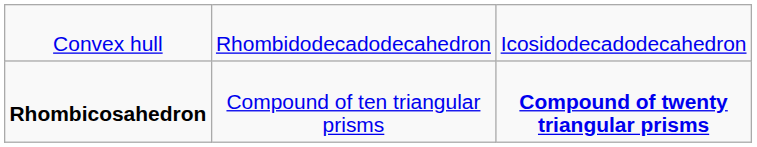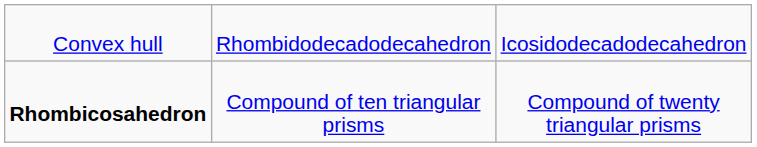 <table class="wikitable" width="400" style="vertical-align:top;text-align:center">
 <tr>
 <td><br><a href='#'>Convex hull</a></td>
 <td><br><a href='#'>Rhombidodecadodecahedron</a></td>
 <td><br><a href='#'>Icosidodecadodecahedron</a></td>
 </tr>
 <tr>
 <td><br><strong>Rhombicosahedron</strong></td>
 <td><br><a href='#'>Compound of ten triangular prisms</a></td>
-<td><strong><br><a href='#'>Compound of twenty triangular prisms</a></strong></td>
+<td><br><a href='#'>Compound of twenty triangular prisms</a></td>
 </tr>
 </table>
